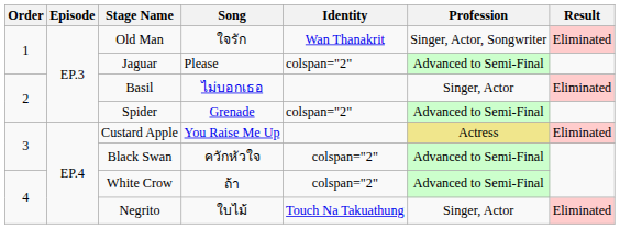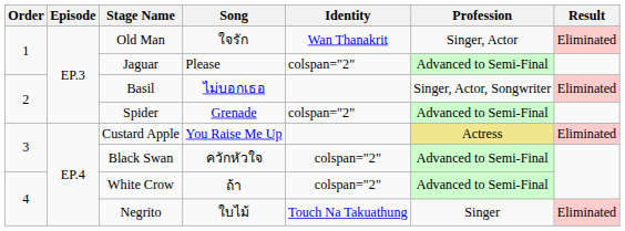 <table class="wikitable">
 <tr>
 <th>Order</th>
 <th>Episode</th>
 <th>Stage Name</th>
 <th>Song</th>
 <th>Identity</th>
 <th>Profession</th>
 <th>Result</th>
 </tr>
 <tr>
 <td rowspan="2" style="text-align:center;">1</td>
 <td rowspan="4" align="center">EP.3</td>
 <td style="text-align:center;">Old Man</td>
 <td style="text-align:center;">ใจรัก</td>
 <td style="text-align:center;"><a href='#'>Wan Thanakrit</a></td>
-<td style="text-align:center;">Singer, Actor, Songwriter</td>
+<td style="text-align:center;">Singer, Actor</td>
 <td style="text-align:center; background:#ffcccc;">Eliminated</td>
 </tr>
 <tr>
 <td style="text-align:center;">Jaguar</td>
 <td>Please</td>
 <td>colspan="2"  </td>
 <td style="text-align:center; background:#ccffcc;">Advanced to Semi-Final</td>
 </tr>
 <tr>
 <td rowspan="2" style="text-align:center;">2</td>
 <td style="text-align:center;">Basil</td>
 <td style="text-align:center;"><a href='#'>ไม่บอกเธอ</a></td>
 <td style="text-align:center;"></td>
-<td style="text-align:center;">Singer, Actor</td>
+<td style="text-align:center;">Singer, Actor, Songwriter</td>
 <td style="text-align:center; background:#ffcccc;">Eliminated</td>
 </tr>
 <tr>
 <td style="text-align:center;">Spider</td>
 <td style="text-align:center;"><a href='#'>Grenade</a></td>
 <td>colspan="2"  </td>
 <td style="text-align:center; background:#ccffcc;">Advanced to Semi-Final</td>
 </tr>
 <tr style="text-align:center;">
 <td rowspan="2" style="text-align:center;">3</td>
 <td rowspan="4" align="center">EP.4</td>
 <td>Custard Apple</td>
 <td style="text-align:center;"><a href='#'>You Raise Me Up</a></td>
 <td style="text-align:center;"></td>
 <td style="background: khaki; text-align:center;">Actress</td>
 <td style="text-align:center; background:#ffcccc;">Eliminated</td>
 </tr>
 <tr style="text-align:center;">
 <td>Black Swan</td>
 <td>ควักหัวใจ</td>
 <td>colspan="2"  </td>
 <td style="text-align:center; background:#ccffcc;">Advanced to Semi-Final</td>
 </tr>
 <tr style="text-align:center;">
 <td rowspan="2">4</td>
 <td>White Crow</td>
 <td>ถ้า</td>
 <td>colspan="2"  </td>
 <td style="text-align:center; background:#ccffcc;">Advanced to Semi-Final</td>
 </tr>
 <tr style="text-align:center;">
 <td>Negrito</td>
 <td>ใบไม้</td>
 <td style="text-align:center;"><a href='#'>Touch Na Takuathung</a></td>
-<td style="text-align:center;">Singer, Actor</td>
+<td style="text-align:center;">Singer</td>
 <td style="text-align:center; background:#ffcccc;">Eliminated</td>
 </tr>
 </table>
